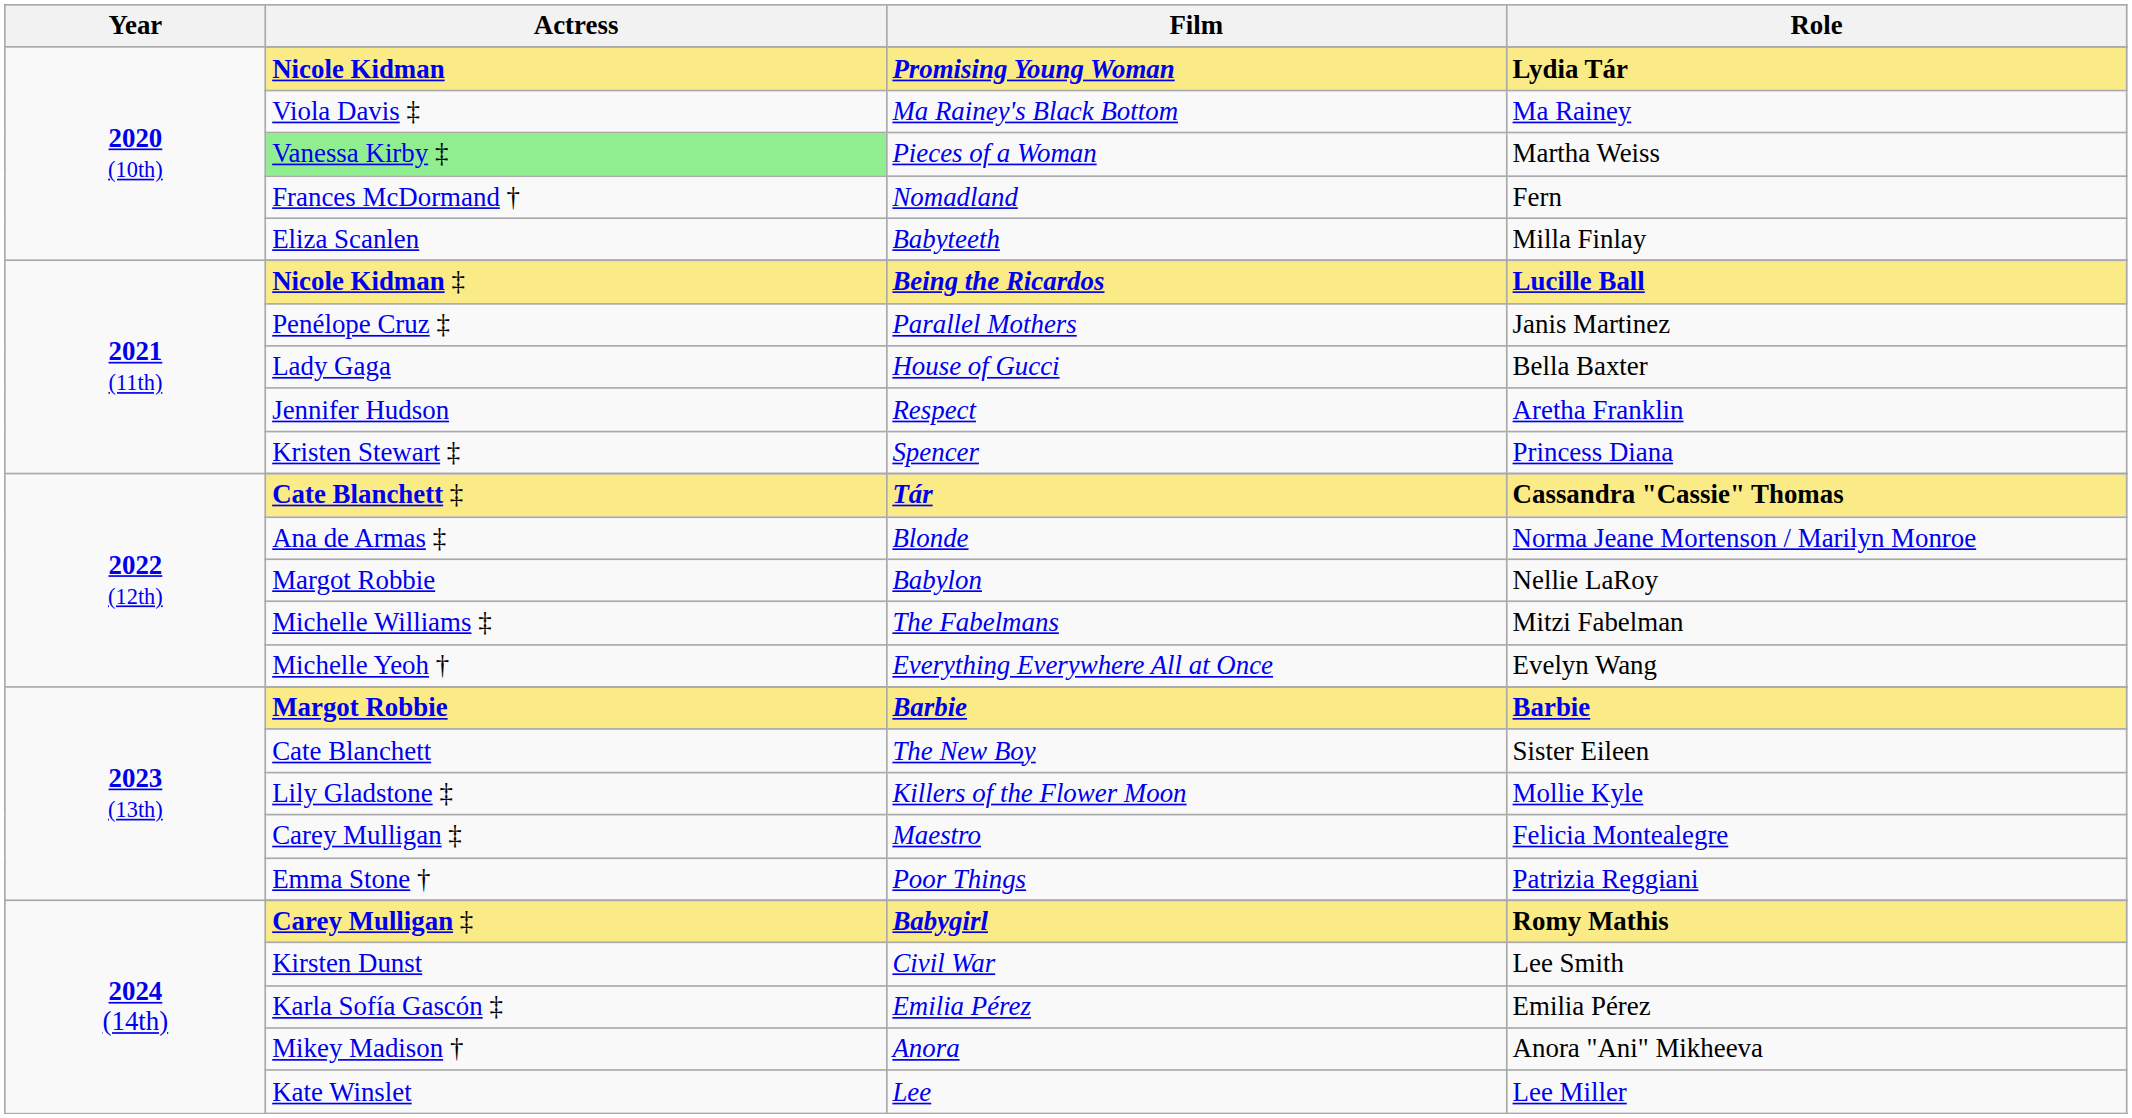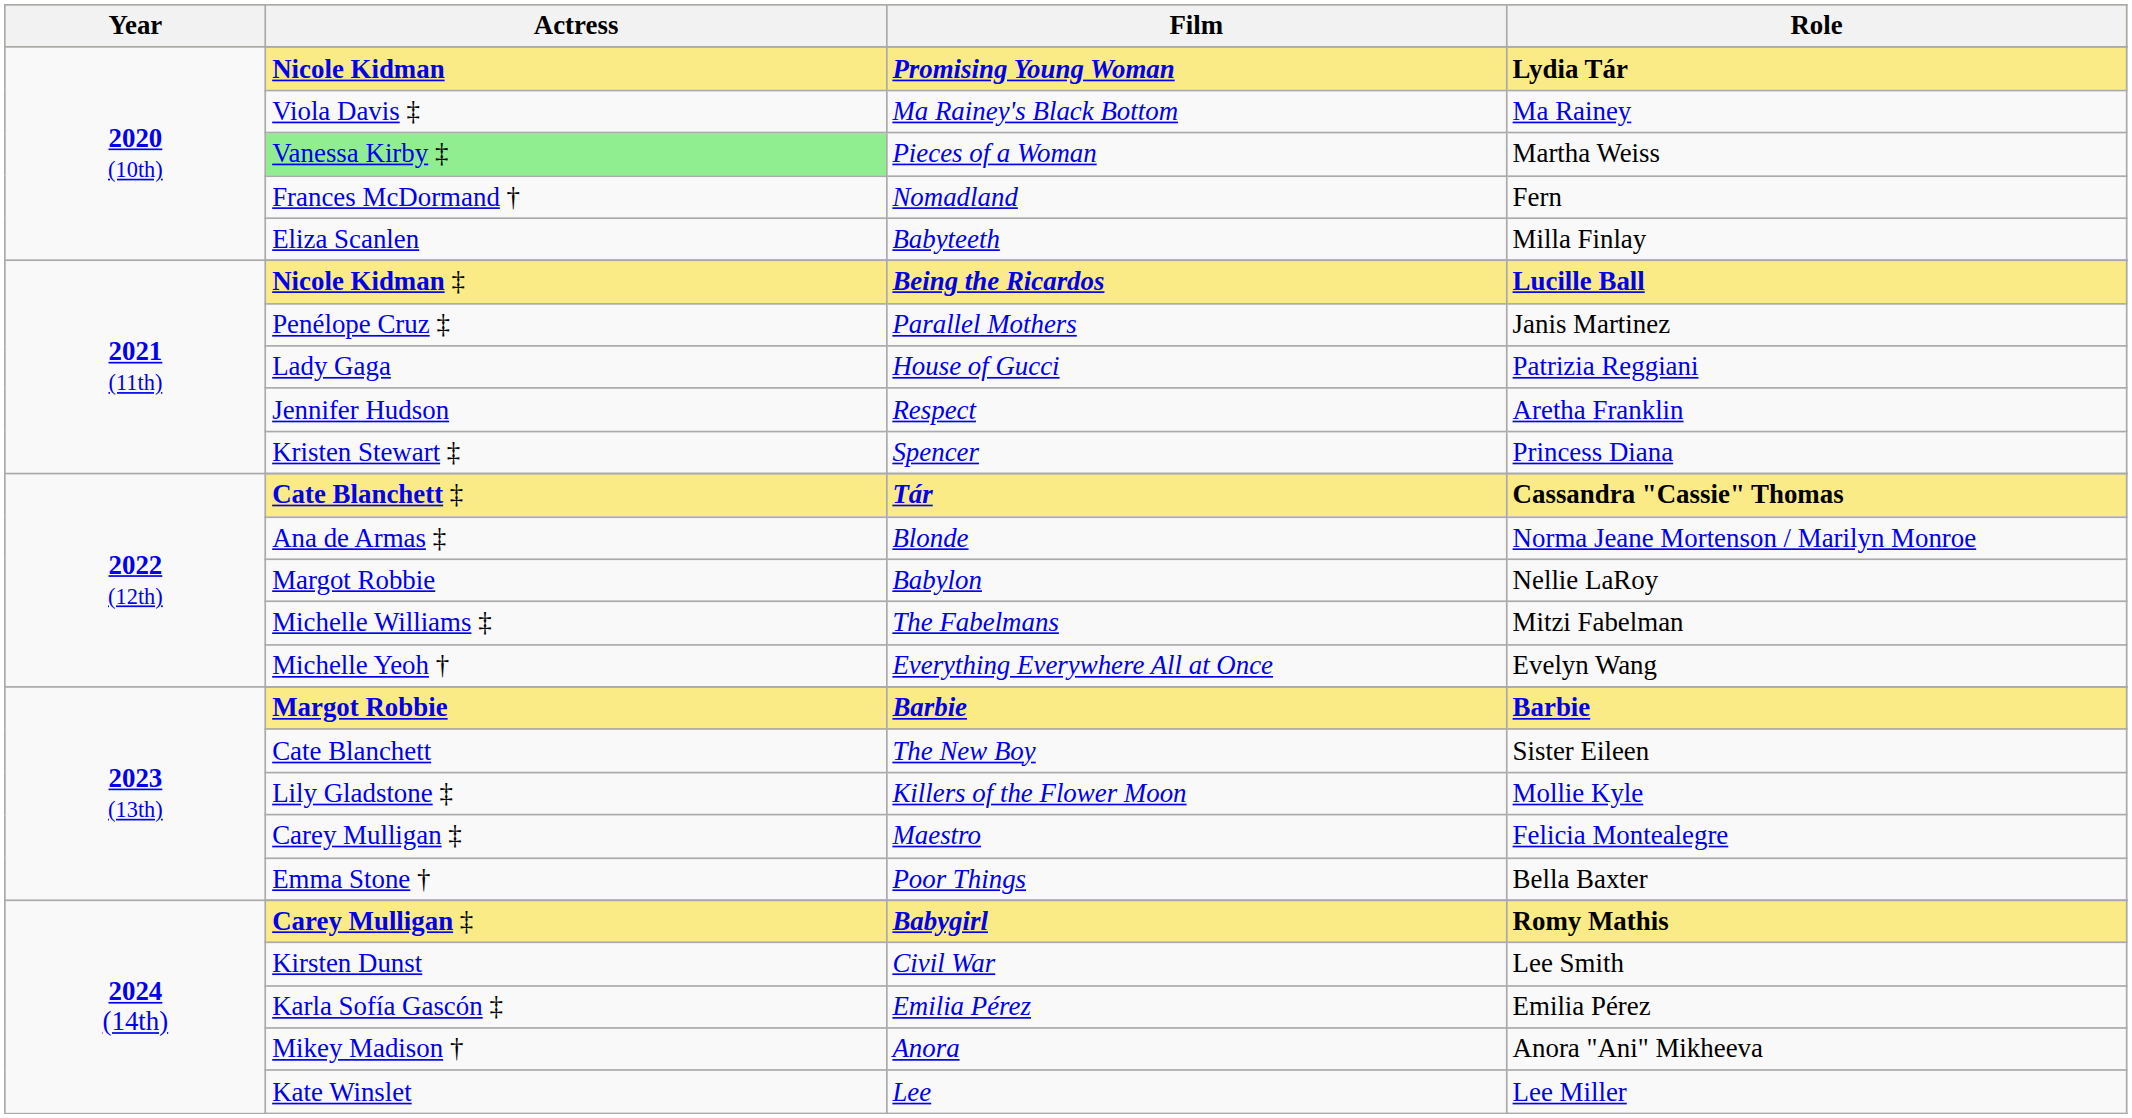 <table class="wikitable" style="width:100%">
 <tr style="background:#faeb86;">
 <th style="width:8%;">Year</th>
 <th style="width:19%;">Actress</th>
 <th style="width:19%;">Film</th>
 <th style="width:19%;">Role</th>
 </tr>
 <tr>
 <td rowspan=6 style="text-align:center"><strong><a href='#'>2020</a></strong><br><small><a href='#'>(10th)</a></small></td>
 </tr>
 <tr style="background:#FAEB86;">
 <td><strong><a href='#'>Nicole Kidman</a></strong></td>
 <td><strong><em><a href='#'>Promising Young Woman</a></em></strong></td>
 <td><strong>Lydia Tár</strong></td>
 </tr>
 <tr>
 <td><a href='#'>Viola Davis</a> ‡</td>
 <td><em><a href='#'>Ma Rainey's Black Bottom</a></em></td>
 <td><a href='#'>Ma Rainey</a></td>
 </tr>
 <tr>
 <td style="background: lightgreen;"><a href='#'>Vanessa Kirby</a> ‡</td>
 <td><em><a href='#'>Pieces of a Woman</a></em></td>
 <td>Martha Weiss</td>
 </tr>
 <tr>
 <td><a href='#'>Frances McDormand</a> †</td>
 <td><em><a href='#'>Nomadland</a></em></td>
 <td>Fern</td>
 </tr>
 <tr>
 <td><a href='#'>Eliza Scanlen</a></td>
 <td><em><a href='#'>Babyteeth</a></em></td>
 <td>Milla Finlay</td>
 </tr>
 <tr>
 <td rowspan=6 style="text-align:center"><strong><a href='#'>2021</a></strong><br><small><a href='#'>(11th)</a></small></td>
 </tr>
 <tr style="background:#FAEB86;">
 <td><strong><a href='#'>Nicole Kidman</a></strong> ‡</td>
 <td><strong><em><a href='#'>Being the Ricardos</a></em></strong></td>
 <td><strong><a href='#'>Lucille Ball</a></strong></td>
 </tr>
 <tr>
 <td><a href='#'>Penélope Cruz</a> ‡</td>
 <td><em><a href='#'>Parallel Mothers</a></em></td>
 <td>Janis Martinez</td>
 </tr>
 <tr>
 <td><a href='#'>Lady Gaga</a></td>
 <td><em><a href='#'>House of Gucci</a> </em></td>
-<td>Bella Baxter</td>
+<td><a href='#'>Patrizia Reggiani</a></td>
 </tr>
 <tr>
 <td><a href='#'>Jennifer Hudson</a></td>
 <td><em><a href='#'>Respect</a> </em></td>
 <td><a href='#'>Aretha Franklin</a></td>
 </tr>
 <tr>
 <td><a href='#'>Kristen Stewart</a> ‡</td>
 <td><em><a href='#'>Spencer</a></em></td>
 <td><a href='#'>Princess Diana</a></td>
 </tr>
 <tr>
 <td rowspan=6 style="text-align:center"><strong><a href='#'>2022</a></strong><br><small><a href='#'>(12th)</a></small></td>
 </tr>
 <tr style="background:#FAEB86;">
 <td><strong><a href='#'>Cate Blanchett</a></strong> ‡</td>
 <td><strong><em><a href='#'>Tár</a></em></strong></td>
 <td><strong>Cassandra "Cassie" Thomas</strong></td>
 </tr>
 <tr>
 <td><a href='#'>Ana de Armas</a> ‡</td>
 <td><em><a href='#'>Blonde</a></em></td>
 <td><a href='#'>Norma Jeane Mortenson / Marilyn Monroe</a></td>
 </tr>
 <tr>
 <td><a href='#'>Margot Robbie</a></td>
 <td><em><a href='#'>Babylon</a></em></td>
 <td>Nellie LaRoy</td>
 </tr>
 <tr>
 <td><a href='#'>Michelle Williams</a> ‡</td>
 <td><em><a href='#'>The Fabelmans</a></em></td>
 <td>Mitzi Fabelman</td>
 </tr>
 <tr>
 <td><a href='#'>Michelle Yeoh</a> †</td>
 <td><em><a href='#'>Everything Everywhere All at Once</a></em></td>
 <td>Evelyn Wang</td>
 </tr>
 <tr>
 <td rowspan=6 style="text-align:center"><strong><a href='#'>2023</a></strong><br><small><a href='#'>(13th)</a></small></td>
 </tr>
 <tr style="background:#FAEB86;">
 <td><strong><a href='#'>Margot Robbie</a></strong></td>
 <td><strong><em><a href='#'>Barbie</a></em></strong></td>
 <td><strong><a href='#'>Barbie</a></strong></td>
 </tr>
 <tr>
 <td><a href='#'>Cate Blanchett</a></td>
 <td><em><a href='#'>The New Boy</a></em></td>
 <td>Sister Eileen</td>
 </tr>
 <tr>
 <td><a href='#'>Lily Gladstone</a> ‡</td>
 <td><em><a href='#'>Killers of the Flower Moon</a></em></td>
 <td><a href='#'>Mollie Kyle</a></td>
 </tr>
 <tr>
 <td><a href='#'>Carey Mulligan</a> ‡</td>
 <td><em><a href='#'>Maestro</a></em></td>
 <td><a href='#'>Felicia Montealegre</a></td>
 </tr>
 <tr>
 <td><a href='#'>Emma Stone</a> †</td>
 <td><em><a href='#'>Poor Things</a></em></td>
-<td><a href='#'>Patrizia Reggiani</a></td>
+<td>Bella Baxter</td>
 </tr>
 <tr>
 <td rowspan="10" style="text-align:center"><strong><a href='#'>2024</a></strong><br><a href='#'>(14th)</a></td>
 </tr>
 <tr style="background:#FAEB86;">
 <td><strong><a href='#'>Carey Mulligan</a></strong> ‡</td>
 <td><strong><em><a href='#'>Babygirl</a></em></strong></td>
 <td><strong>Romy Mathis</strong></td>
 </tr>
 <tr>
 <td><a href='#'>Kirsten Dunst</a></td>
 <td><em><a href='#'>Civil War</a></em></td>
 <td>Lee Smith</td>
 </tr>
 <tr>
 <td><a href='#'>Karla Sofía Gascón</a> ‡</td>
 <td><em><a href='#'>Emilia Pérez</a></em></td>
 <td>Emilia Pérez</td>
 </tr>
 <tr>
 <td><a href='#'>Mikey Madison</a> †</td>
 <td><em><a href='#'>Anora</a></em></td>
 <td>Anora "Ani" Mikheeva</td>
 </tr>
 <tr>
 <td><a href='#'>Kate Winslet</a></td>
 <td><em><a href='#'>Lee</a></em></td>
 <td><a href='#'>Lee Miller</a></td>
 </tr>
 <tr>
 </tr>
 </table>
